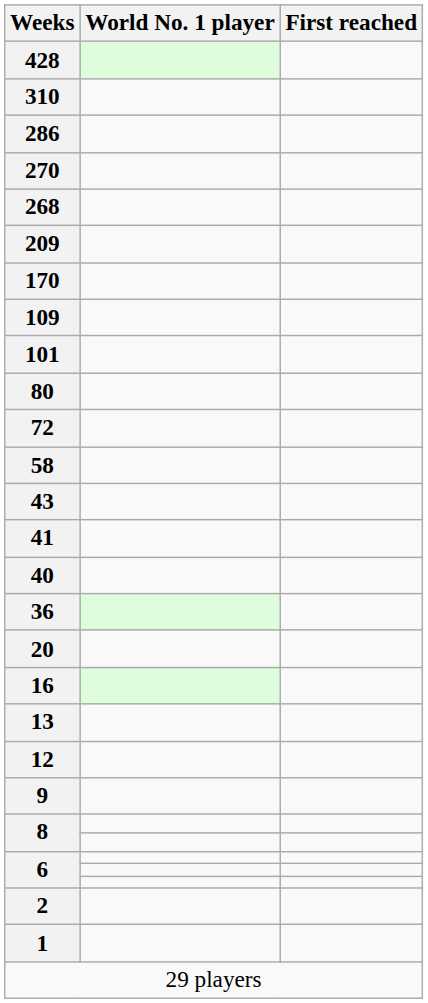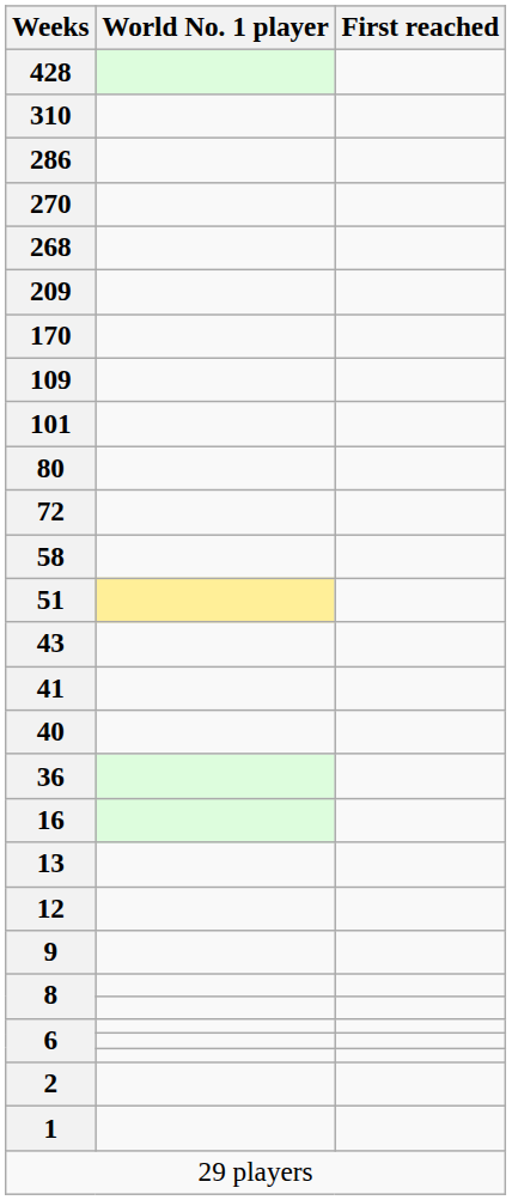 <table class="sortable wikitable" style="display: inline-table;">
 <tr>
 <th>Weeks</th>
 <th>World No. 1 player</th>
 <th>First reached</th>
 </tr>
 <tr>
 <th>428</th>
 <td style="background:#ddfddd;"></td>
 <td></td>
 </tr>
 <tr>
 <th>310</th>
 <td> </td>
 <td></td>
 </tr>
 <tr>
 <th>286</th>
 <td></td>
 <td></td>
 </tr>
 <tr>
 <th>270</th>
 <td></td>
 <td></td>
 </tr>
 <tr>
 <th>268</th>
 <td></td>
 <td></td>
 </tr>
 <tr>
 <th>209</th>
 <td></td>
 <td></td>
 </tr>
 <tr>
 <th>170</th>
 <td></td>
 <td></td>
 </tr>
 <tr>
 <th>109</th>
 <td></td>
 <td></td>
 </tr>
 <tr>
 <th>101</th>
 <td></td>
 <td></td>
 </tr>
 <tr>
 <th>80</th>
 <td></td>
 <td></td>
 </tr>
 <tr>
 <th>72</th>
 <td></td>
 <td></td>
 </tr>
 <tr>
 <th>58</th>
 <td></td>
 <td></td>
 </tr>
 <tr>
+<th>51</th>
+<td style="background:#ffef98;"></td>
+<td></td>
+</tr>
+<tr>
 <th>43</th>
 <td></td>
 <td></td>
 </tr>
 <tr>
 <th>41</th>
 <td></td>
 <td></td>
 </tr>
 <tr>
 <th>40</th>
 <td></td>
 <td></td>
 </tr>
 <tr>
 <th>36</th>
 <td style="background:#ddfddd;"></td>
-<td></td>
-</tr>
-<tr>
-<th>20</th>
-<td></td>
 <td></td>
 </tr>
 <tr>
 <th>16</th>
 <td style="background:#ddfddd;"></td>
 <td></td>
 </tr>
 <tr>
 <th>13</th>
 <td></td>
 <td></td>
 </tr>
 <tr>
 <th>12</th>
 <td></td>
 <td></td>
 </tr>
 <tr>
 <th>9</th>
 <td></td>
 <td></td>
 </tr>
 <tr>
 <th rowspan="2">8</th>
 <td></td>
 <td></td>
 </tr>
 <tr>
 <td></td>
 <td></td>
 </tr>
 <tr>
 <th rowspan="3">6</th>
 <td></td>
 <td></td>
 </tr>
 <tr>
 <td></td>
 <td></td>
 </tr>
 <tr>
 <td></td>
 <td></td>
 </tr>
 <tr>
 <th>2</th>
 <td></td>
 <td></td>
 </tr>
 <tr>
 <th>1</th>
 <td></td>
 <td></td>
 </tr>
 <tr>
 <td colspan="3" style="text-align:center;">29 players</td>
 </tr>
 </table>
